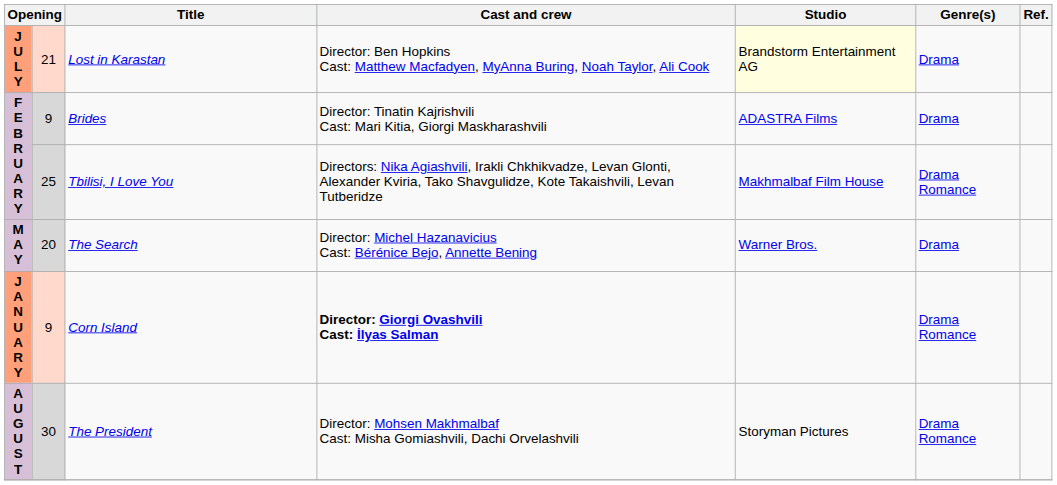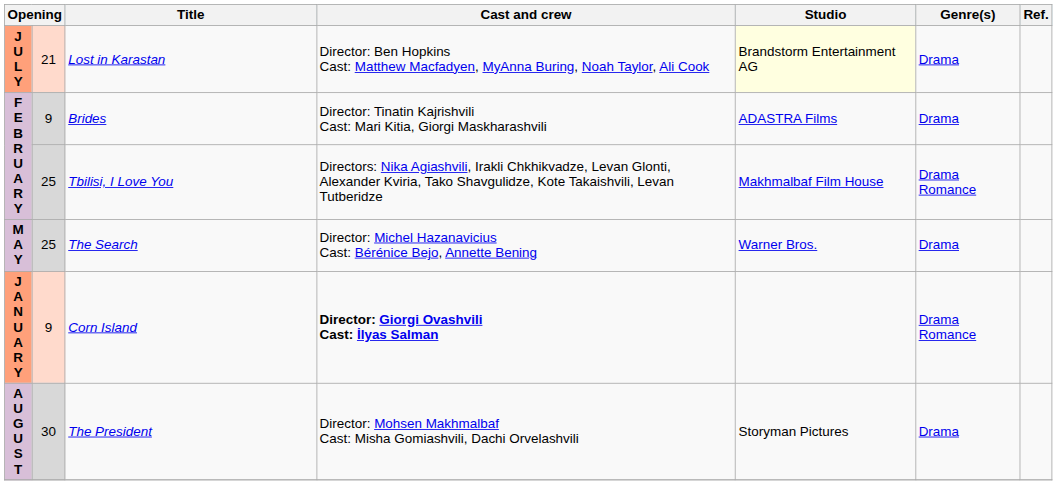 <table class="wikitable">
 <tr style="background:#b0e0e6; text-align:center;">
 <th colspan="2">Opening</th>
 <th style="width:24%;">Title</th>
 <th style="width:40%;">Cast and crew</th>
 <th>Studio</th>
 <th style="width:10%;">Genre(s)</th>
 <th style="width:2%;">Ref.</th>
 </tr>
 <tr>
 <th rowspan="1" style="text-align:center; background:#ffa07a; textcolor:#000;">J<br>U<br>L<br>Y</th>
 <td rowspan="1" style="text-align:center; background:#ffdacc;">21</td>
 <td><em><a href='#'>Lost in Karastan</a></em></td>
 <td>Director: Ben Hopkins <br> Cast: <a href='#'>Matthew Macfadyen</a>, <a href='#'>MyAnna Buring</a>, <a href='#'>Noah Taylor</a>, <a href='#'>Ali Cook</a></td>
 <td style="background: lightyellow;">Brandstorm Entertainment AG</td>
 <td><a href='#'>Drama</a></td>
 <td style="text-align:center"></td>
 </tr>
 <tr>
 <th rowspan="2" style="text-align:center; background:thistle; textcolor:#000;">F<br>E<br>B<br>R<br>U<br>A<br>R<br>Y</th>
 <td rowspan="1" style="text-align:center; background:#d8d8d8;">9</td>
 <td><em><a href='#'>Brides</a></em></td>
 <td>Director: Tinatin Kajrishvili <br> Cast: Mari Kitia, Giorgi Maskharashvili</td>
 <td><a href='#'>ADASTRA Films</a></td>
 <td><a href='#'>Drama</a></td>
 <td style="text-align:center"></td>
 </tr>
 <tr>
 <td rowspan="1" style="text-align:center; background:#d8d8d8;">25</td>
 <td><em><a href='#'>Tbilisi, I Love You</a></em></td>
 <td>Directors: <a href='#'>Nika Agiashvili</a>, Irakli Chkhikvadze, Levan Glonti, Alexander Kviria, Tako Shavgulidze, Kote Takaishvili, Levan Tutberidze</td>
 <td><a href='#'>Makhmalbaf Film House</a></td>
 <td><a href='#'>Drama</a> <br> <a href='#'>Romance</a></td>
 <td style="text-align:center"></td>
 </tr>
 <tr>
 <th rowspan="1" style="text-align:center; background:thistle; textcolor:#000;">M<br>A<br>Y</th>
-<td rowspan="1" style="text-align:center; background:#d8d8d8;">20</td>
+<td rowspan="1" style="text-align:center; background:#d8d8d8;">25</td>
 <td><em><a href='#'>The Search</a></em></td>
 <td>Director: <a href='#'>Michel Hazanavicius</a> <br> Cast: <a href='#'>Bérénice Bejo</a>, <a href='#'>Annette Bening</a></td>
 <td><a href='#'>Warner Bros.</a></td>
 <td><a href='#'>Drama</a></td>
 <td style="text-align:center"></td>
 </tr>
 <tr>
 <th rowspan="1" style="text-align:center; background:#ffa07a; textcolor:#000;">J<br>A<br>N<br>U<br>A<br>R<br>Y</th>
 <td rowspan="1" style="text-align:center; background:#ffdacc;">9</td>
 <td><em><a href='#'>Corn Island</a></em></td>
 <td><strong>Director: <a href='#'>Giorgi Ovashvili</a> <br> Cast: <a href='#'>İlyas Salman</a></strong></td>
 <td></td>
 <td><a href='#'>Drama</a> <br> <a href='#'>Romance</a></td>
 <td style="text-align:center"></td>
 </tr>
 <tr>
 <th rowspan="1" style="text-align:center; background:thistle; textcolor:#000;">A<br>U<br>G<br>U<br>S<br>T</th>
 <td rowspan="1" style="text-align:center; background:#d8d8d8;">30</td>
 <td><em><a href='#'>The President</a></em></td>
 <td>Director: <a href='#'>Mohsen Makhmalbaf</a> <br> Cast: Misha Gomiashvili, Dachi Orvelashvili</td>
 <td>Storyman Pictures</td>
-<td><a href='#'>Drama</a> <br> <a href='#'>Romance</a></td>
+<td><a href='#'>Drama</a></td>
 <td style="text-align:center"></td>
 </tr>
 <tr>
 </tr>
 </table>
